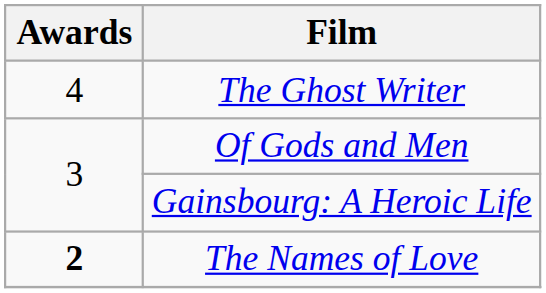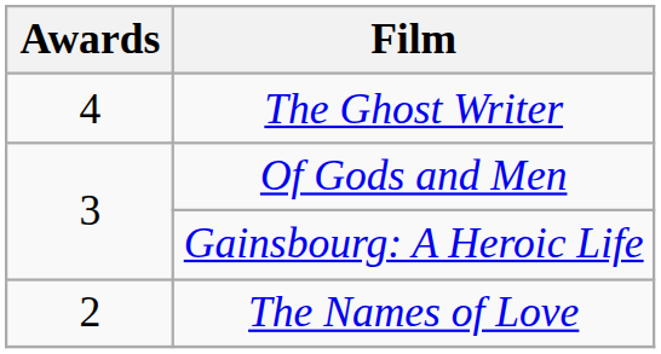 <table class="wikitable" style="text-align: center">
 <tr>
 <th width="55">Awards</th>
 <th align="center">Film</th>
 </tr>
 <tr>
 <td style="text-align:center">4</td>
 <td><em><a href='#'>The Ghost Writer</a></em></td>
 </tr>
 <tr>
 <td rowspan=2 style="text-align:center">3</td>
 <td><em><a href='#'>Of Gods and Men</a></em></td>
 </tr>
 <tr>
 <td><em><a href='#'>Gainsbourg: A Heroic Life</a></em></td>
 </tr>
 <tr>
-<td style="text-align:center"><strong>2</strong></td>
+<td style="text-align:center">2</td>
 <td><em><a href='#'>The Names of Love</a></em></td>
 </tr>
 <tr>
 </tr>
 </table>
